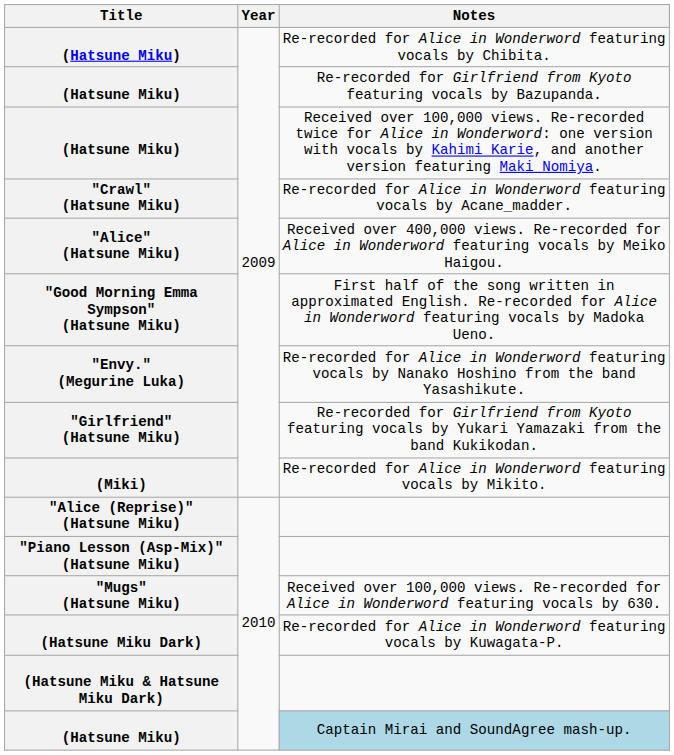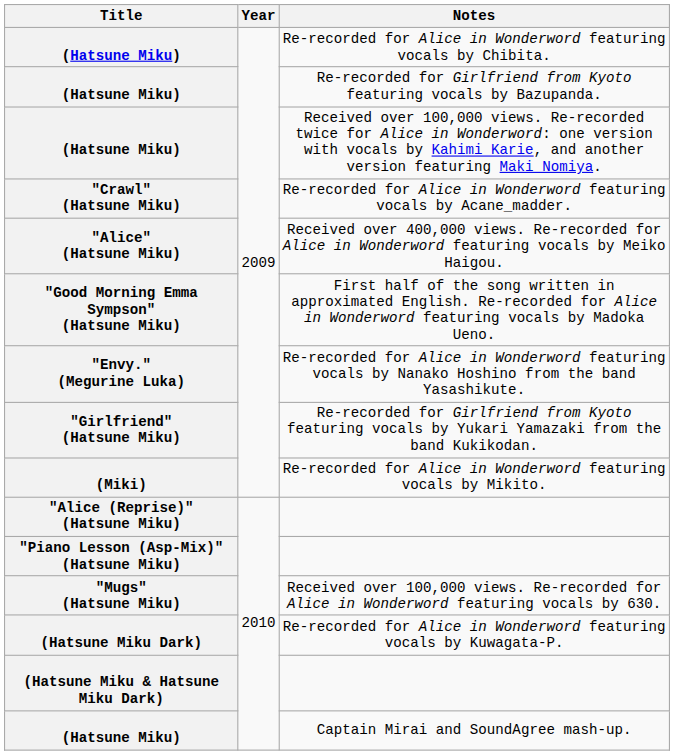 <table class="wikitable plainrowheaders" style="text-align:center;">
 <tr>
 <th scope="col" style="width:16em;">Title</th>
 <th scope="col">Year</th>
 <th scope="col">Notes</th>
 </tr>
 <tr>
 <th scope="row"><br><span>(<a href='#'>Hatsune Miku</a>)</span></th>
 <td rowspan="9">2009</td>
 <td>Re-recorded for <em>Alice in Wonderword</em> featuring vocals by Chibita.</td>
 </tr>
 <tr>
 <th scope="row"><br><span>(Hatsune Miku)</span></th>
 <td>Re-recorded for <em>Girlfriend from Kyoto</em> featuring vocals by Bazupanda.</td>
 </tr>
 <tr>
 <th scope="row"><br><span>(Hatsune Miku)</span></th>
 <td>Received over 100,000 views. Re-recorded twice for <em>Alice in Wonderword</em>: one version with vocals by <a href='#'>Kahimi Karie</a>, and another version featuring <a href='#'>Maki Nomiya</a>.</td>
 </tr>
 <tr>
 <th scope="row">"Crawl"<br><span>(Hatsune Miku)</span></th>
 <td>Re-recorded for <em>Alice in Wonderword</em> featuring vocals by Acane_madder.</td>
 </tr>
 <tr>
 <th scope="row">"Alice"<br><span>(Hatsune Miku)</span></th>
 <td>Received over 400,000 views. Re-recorded for <em>Alice in Wonderword</em> featuring vocals by Meiko Haigou.</td>
 </tr>
 <tr>
 <th scope="row">"Good Morning Emma Sympson"<br><span>(Hatsune Miku)</span></th>
 <td>First half of the song written in approximated English. Re-recorded for <em>Alice in Wonderword</em> featuring vocals by Madoka Ueno.</td>
 </tr>
 <tr>
 <th scope="row">"Envy."<br><span>(Megurine Luka)</span></th>
 <td>Re-recorded for <em>Alice in Wonderword</em> featuring vocals by Nanako Hoshino from the band Yasashikute.</td>
 </tr>
 <tr>
 <th scope="row">"Girlfriend"<br><span>(Hatsune Miku)</span></th>
 <td>Re-recorded for <em>Girlfriend from Kyoto</em> featuring vocals by Yukari Yamazaki from the band Kukikodan.</td>
 </tr>
 <tr>
 <th scope="row"><br><span>(Miki)</span></th>
 <td>Re-recorded for <em>Alice in Wonderword</em> featuring vocals by Mikito.</td>
 </tr>
 <tr>
 <th scope="row">"Alice (Reprise)"<br><span>(Hatsune Miku)</span></th>
 <td rowspan="6">2010</td>
 <td></td>
 </tr>
 <tr>
 <th scope="row">"Piano Lesson (Asp-Mix)"<br><span>(Hatsune Miku)</span></th>
 <td></td>
 </tr>
 <tr>
 <th scope="row">"Mugs"<br><span>(Hatsune Miku)</span></th>
 <td>Received over 100,000 views. Re-recorded for <em>Alice in Wonderword</em> featuring vocals by 630.</td>
 </tr>
 <tr>
 <th scope="row"><br><span>(Hatsune Miku Dark)</span></th>
 <td>Re-recorded for <em>Alice in Wonderword</em> featuring vocals by Kuwagata-P.</td>
 </tr>
 <tr>
 <th scope="row"><br><span>(Hatsune Miku & Hatsune Miku Dark)</span></th>
 <td></td>
 </tr>
 <tr>
 <th scope="row"><br><span>(Hatsune Miku)</span></th>
-<td style="background: lightblue;">Captain Mirai and SoundAgree mash-up.</td>
+<td>Captain Mirai and SoundAgree mash-up.</td>
 </tr>
 </table>
